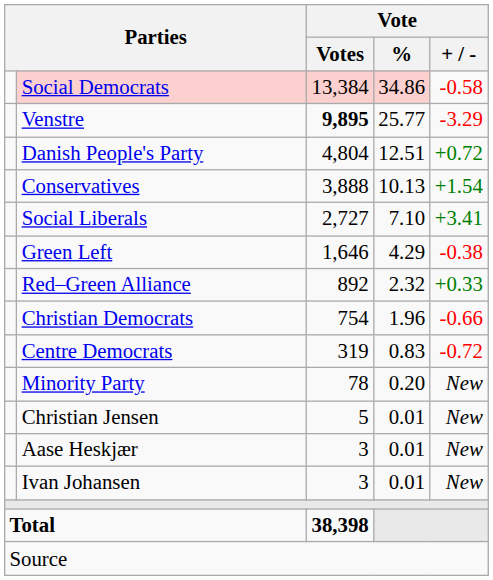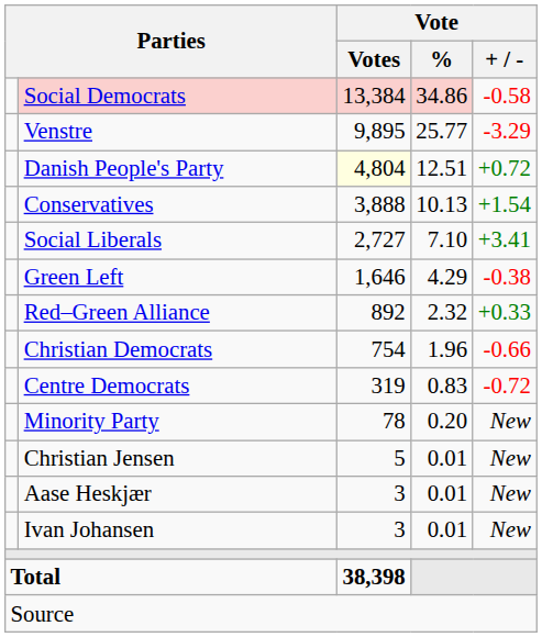 <table class="wikitable" style="text-align:right;">
 <tr>
 <th style="text-align:centre;" rowspan="2" colspan="2" width="225">Parties</th>
 <th colspan="3">Vote</th>
 </tr>
 <tr>
 <th width="15">Votes</th>
 <th width="15">%</th>
 <th width="15">+ / -</th>
 </tr>
 <tr>
 <td width="2" style="color:inherit;background:"></td>
 <td bgcolor=#fbd0ce  align="left"><a href='#'>Social Democrats</a></td>
 <td bgcolor=#fbd0ce>13,384</td>
 <td bgcolor=#fbd0ce>34.86</td>
 <td style=color:red;>-0.58</td>
 </tr>
 <tr>
 <td width="2" style="color:inherit;background:"></td>
 <td align="left"><a href='#'>Venstre</a></td>
-<td><strong>9,895</strong></td>
+<td>9,895</td>
 <td>25.77</td>
 <td style=color:red;>-3.29</td>
 </tr>
 <tr>
 <td width="2" style="color:inherit;background:"></td>
 <td align="left"><a href='#'>Danish People's Party</a></td>
-<td>4,804</td>
+<td style="background: lightyellow;">4,804</td>
 <td>12.51</td>
 <td style=color:green;>+0.72</td>
 </tr>
 <tr>
 <td width="2" style="color:inherit;background:"></td>
 <td align="left"><a href='#'>Conservatives</a></td>
 <td>3,888</td>
 <td>10.13</td>
 <td style=color:green;>+1.54</td>
 </tr>
 <tr>
 <td width="2" style="color:inherit;background:"></td>
 <td align="left"><a href='#'>Social Liberals</a></td>
 <td>2,727</td>
 <td>7.10</td>
 <td style=color:green;>+3.41</td>
 </tr>
 <tr>
 <td width="2" style="color:inherit;background:"></td>
 <td align="left"><a href='#'>Green Left</a></td>
 <td>1,646</td>
 <td>4.29</td>
 <td style=color:red;>-0.38</td>
 </tr>
 <tr>
 <td width="2" style="color:inherit;background:"></td>
 <td align="left"><a href='#'>Red–Green Alliance</a></td>
 <td>892</td>
 <td>2.32</td>
 <td style=color:green;>+0.33</td>
 </tr>
 <tr>
 <td width="2" style="color:inherit;background:"></td>
 <td align="left"><a href='#'>Christian Democrats</a></td>
 <td>754</td>
 <td>1.96</td>
 <td style=color:red;>-0.66</td>
 </tr>
 <tr>
 <td width="2" style="color:inherit;background:"></td>
 <td align="left"><a href='#'>Centre Democrats</a></td>
 <td>319</td>
 <td>0.83</td>
 <td style=color:red;>-0.72</td>
 </tr>
 <tr>
 <td width="2" style="color:inherit;background:"></td>
 <td align="left"><a href='#'>Minority Party</a></td>
 <td>78</td>
 <td>0.20</td>
 <td><em>New</em></td>
 </tr>
 <tr>
 <td width="2" style="color:inherit;background:"></td>
 <td align="left">Christian Jensen</td>
 <td>5</td>
 <td>0.01</td>
 <td><em>New</em></td>
 </tr>
 <tr>
 <td width="2" style="color:inherit;background:"></td>
 <td align="left">Aase Heskjær</td>
 <td>3</td>
 <td>0.01</td>
 <td><em>New</em></td>
 </tr>
 <tr>
 <td width="2" style="color:inherit;background:"></td>
 <td align="left">Ivan Johansen</td>
 <td>3</td>
 <td>0.01</td>
 <td><em>New</em></td>
 </tr>
 <tr>
 <td colspan="7" bgcolor="#E9E9E9"></td>
 </tr>
 <tr>
 <td align="left" colspan="2"><strong>Total</strong></td>
 <td><strong>38,398</strong></td>
 <td bgcolor="#E9E9E9" colspan="2"></td>
 </tr>
 <tr>
 <td align="left" colspan="6">Source</td>
 </tr>
 </table>
